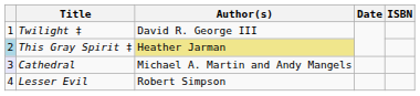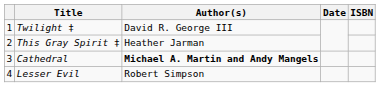 <table class="wikitable">
 <tr>
 <th></th>
 <th>Title</th>
 <th>Author(s)</th>
 <th>Date</th>
 <th>ISBN</th>
 </tr>
 <tr>
 <td>1</td>
 <td><em>Twilight</em> ‡</td>
 <td>David R. George III</td>
 <td rowspan="2"></td>
 <td></td>
 </tr>
 <tr>
-<td style="background: lightblue;">2</td>
+<td>2</td>
 <td><em>This Gray Spirit</em> ‡</td>
-<td style="background: khaki;">Heather Jarman</td>
+<td>Heather Jarman</td>
 <td></td>
 </tr>
 <tr>
-<td style="background: lavender;">3</td>
+<td>3</td>
 <td><em>Cathedral</em></td>
-<td>Michael A. Martin and Andy Mangels</td>
+<td><strong>Michael A. Martin and Andy Mangels</strong></td>
 <td></td>
 <td></td>
 </tr>
 <tr>
 <td>4</td>
 <td><em>Lesser Evil</em></td>
 <td>Robert Simpson</td>
 <td></td>
 <td></td>
 </tr>
 </table>
